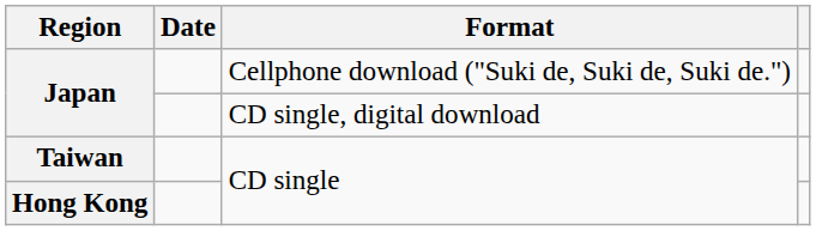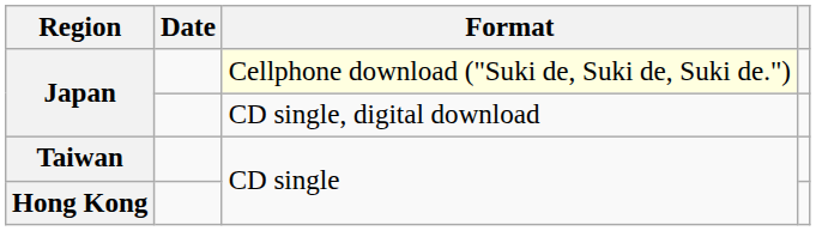 <table class="wikitable plainrowheaders">
 <tr>
 <th>Region</th>
 <th>Date</th>
 <th>Format</th>
 <th></th>
 </tr>
 <tr>
 <th scope="row" rowspan="2">Japan</th>
 <td></td>
-<td>Cellphone download ("Suki de, Suki de, Suki de.")</td>
+<td style="background: lightyellow;">Cellphone download ("Suki de, Suki de, Suki de.")</td>
 <td align="center"></td>
 </tr>
 <tr>
 <td></td>
 <td>CD single, digital download</td>
 <td align="center"></td>
 </tr>
 <tr>
 <th scope="row" rowspan="1">Taiwan</th>
 <td></td>
 <td rowspan="2">CD single</td>
 <td align="center"></td>
 </tr>
 <tr>
 <th scope="row" rowspan="1">Hong Kong</th>
 <td></td>
 <td align="center"></td>
 </tr>
 </table>
